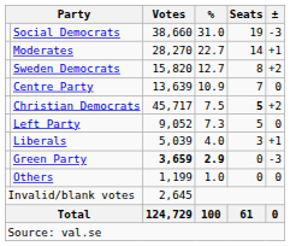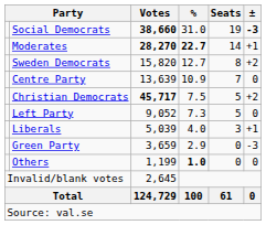 <table class=wikitable style=text-align:right>
 <tr>
 <th colspan=2>Party</th>
 <th>Votes</th>
 <th>%</th>
 <th>Seats</th>
 <th>±</th>
 </tr>
 <tr>
 <td bgcolor=></td>
 <td align=left><a href='#'>Social Democrats</a></td>
-<td>38,660</td>
+<td><strong>38,660</strong></td>
 <td>31.0</td>
 <td>19</td>
-<td>-3</td>
+<td><strong>-3</strong></td>
 </tr>
 <tr>
 <td bgcolor=></td>
 <td align=left><a href='#'>Moderates</a></td>
-<td>28,270</td>
-<td>22.7</td>
+<td><strong>28,270</strong></td>
+<td><strong>22.7</strong></td>
 <td>14</td>
 <td>+1</td>
 </tr>
 <tr>
 <td bgcolor=></td>
 <td align=left><a href='#'>Sweden Democrats</a></td>
 <td>15,820</td>
 <td>12.7</td>
 <td>8</td>
 <td>+2</td>
 </tr>
 <tr>
 <td bgcolor=></td>
 <td align=left><a href='#'>Centre Party</a></td>
 <td>13,639</td>
 <td>10.9</td>
 <td>7</td>
 <td>0</td>
 </tr>
 <tr>
 <td bgcolor=></td>
 <td align=left><a href='#'>Christian Democrats</a></td>
-<td>45,717</td>
+<td><strong>45,717</strong></td>
 <td>7.5</td>
-<td><strong>5</strong></td>
+<td>5</td>
 <td>+2</td>
 </tr>
 <tr>
 <td bgcolor=></td>
 <td align=left><a href='#'>Left Party</a></td>
 <td>9,052</td>
 <td>7.3</td>
 <td>5</td>
 <td>0</td>
 </tr>
 <tr>
 <td bgcolor=></td>
 <td align=left><a href='#'>Liberals</a></td>
 <td>5,039</td>
 <td>4.0</td>
 <td>3</td>
 <td>+1</td>
 </tr>
 <tr>
 <td bgcolor=></td>
 <td align=left><a href='#'>Green Party</a></td>
-<td><strong>3,659</strong></td>
-<td><strong>2.9</strong></td>
+<td>3,659</td>
+<td>2.9</td>
 <td>0</td>
 <td>-3</td>
 </tr>
 <tr>
 <td></td>
 <td align=left><a href='#'>Others</a></td>
 <td>1,199</td>
-<td>1.0</td>
+<td><strong>1.0</strong></td>
 <td>0</td>
 <td>0</td>
 </tr>
 <tr>
 <td align=left colspan=2>Invalid/blank votes</td>
 <td>2,645</td>
 <td colspan=3></td>
 </tr>
 <tr>
 <th align=left colspan=2>Total</th>
 <th>124,729</th>
 <th>100</th>
 <th>61</th>
 <th>0</th>
 </tr>
 <tr>
 <td align=left colspan=6>Source: val.se </td>
 </tr>
 </table>
